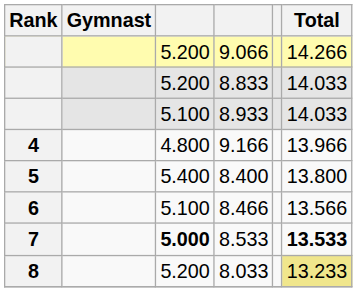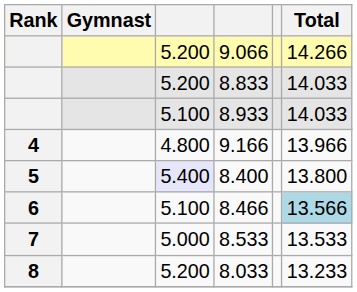 <table class="wikitable sortable" style="text-align:center; font-size:95%">
 <tr>
 <th scope=col>Rank</th>
 <th scope=col>Gymnast</th>
 <th scope=col></th>
 <th scope=col></th>
 <th scope=col></th>
 <th scope=col>Total</th>
 </tr>
 <tr bgcolor=fffcaf>
 <th scope=row></th>
 <td align=left></td>
 <td>5.200</td>
 <td>9.066</td>
 <td></td>
 <td>14.266</td>
 </tr>
 <tr bgcolor=e5e5e5>
 <th scope=row></th>
 <td align=left></td>
 <td>5.200</td>
 <td>8.833</td>
 <td></td>
 <td>14.033</td>
 </tr>
 <tr bgcolor=e5e5e5>
 <th scope=row></th>
 <td align=left></td>
 <td>5.100</td>
 <td>8.933</td>
 <td></td>
 <td>14.033</td>
 </tr>
 <tr>
 <th scope=row>4</th>
 <td align=left></td>
 <td>4.800</td>
 <td>9.166</td>
 <td></td>
 <td>13.966</td>
 </tr>
 <tr>
 <th scope=row>5</th>
 <td align=left></td>
-<td>5.400</td>
+<td style="background: lavender;">5.400</td>
 <td>8.400</td>
 <td></td>
 <td>13.800</td>
 </tr>
 <tr>
 <th scope=row>6</th>
 <td align=left></td>
 <td>5.100</td>
 <td>8.466</td>
 <td></td>
-<td>13.566</td>
+<td style="background: lightblue;">13.566</td>
 </tr>
 <tr>
 <th scope=row>7</th>
 <td align=left></td>
-<td><strong>5.000</strong></td>
+<td>5.000</td>
 <td>8.533</td>
 <td></td>
-<td><strong>13.533</strong></td>
+<td>13.533</td>
 </tr>
 <tr>
 <th scope=row>8</th>
 <td align=left></td>
 <td>5.200</td>
 <td>8.033</td>
 <td></td>
-<td style="background: khaki;">13.233</td>
+<td>13.233</td>
 </tr>
 <tr>
 </tr>
 </table>
